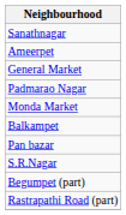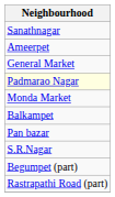 <table class="wikitable sortable static-row-numbers static-row-header-hash">
 <tr>
 <th>Neighbourhood</th>
 </tr>
 <tr>
 <td><a href='#'>Sanathnagar</a></td>
 </tr>
 <tr>
 <td><a href='#'>Ameerpet</a></td>
 </tr>
 <tr>
 <td><a href='#'>General Market</a></td>
 </tr>
 <tr>
-<td><a href='#'>Padmarao Nagar</a></td>
+<td style="background: lightyellow;"><a href='#'>Padmarao Nagar</a></td>
 </tr>
 <tr>
 <td><a href='#'>Monda Market</a></td>
 </tr>
 <tr>
 <td><a href='#'>Balkampet</a></td>
 </tr>
 <tr>
 <td><a href='#'>Pan bazar</a></td>
 </tr>
 <tr>
 <td><a href='#'>S.R.Nagar</a></td>
 </tr>
 <tr>
 <td><a href='#'>Begumpet</a> (part)</td>
 </tr>
 <tr>
 <td><a href='#'>Rastrapathi Road</a> (part)</td>
 </tr>
 <tr>
 </tr>
 </table>
